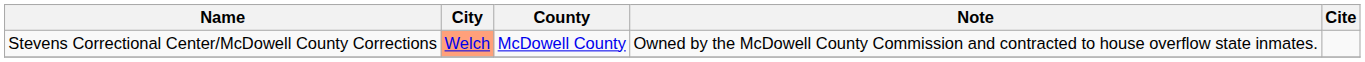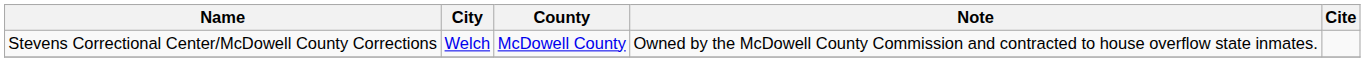 <table class="wikitable">
 <tr>
 <th>Name</th>
 <th>City</th>
 <th>County</th>
 <th>Note</th>
 <th>Cite</th>
 </tr>
 <tr>
 <td>Stevens Correctional Center/McDowell County Corrections</td>
-<td style="background: lightsalmon;"><a href='#'>Welch</a></td>
+<td><a href='#'>Welch</a></td>
 <td><a href='#'>McDowell County</a></td>
 <td>Owned by the McDowell County Commission and contracted to house overflow state inmates.</td>
 <td></td>
 </tr>
 <tr>
 </tr>
 </table>
